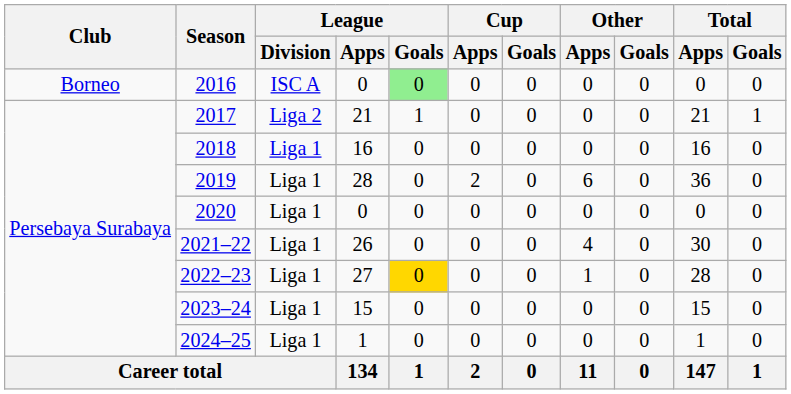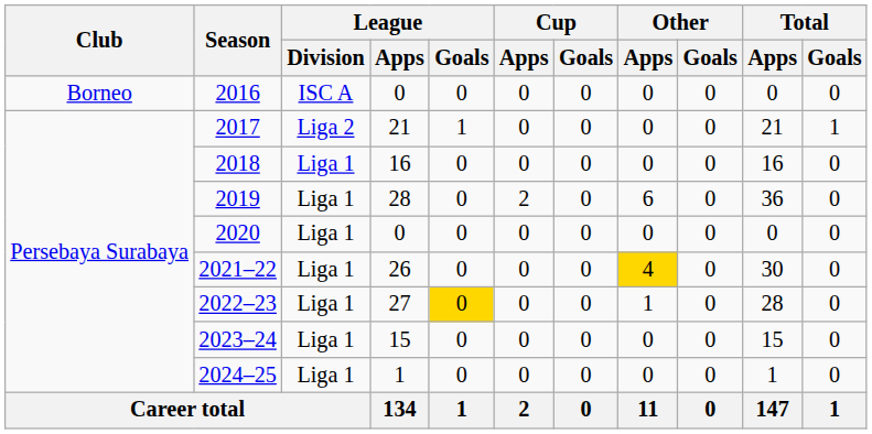 <table class="wikitable" style="text-align:center">
 <tr>
 <th rowspan="2">Club</th>
 <th rowspan="2">Season</th>
 <th colspan="3">League</th>
 <th colspan="2">Cup</th>
 <th colspan="2">Other</th>
 <th colspan="2">Total</th>
 </tr>
 <tr>
 <th>Division</th>
 <th>Apps</th>
 <th>Goals</th>
 <th>Apps</th>
 <th>Goals</th>
 <th>Apps</th>
 <th>Goals</th>
 <th>Apps</th>
 <th>Goals</th>
 </tr>
 <tr>
 <td rowspan="1" valign="center"><a href='#'>Borneo</a></td>
 <td><a href='#'>2016</a></td>
 <td><a href='#'>ISC A</a></td>
 <td>0</td>
-<td style="background: lightgreen;">0</td>
+<td>0</td>
 <td>0</td>
 <td>0</td>
 <td>0</td>
 <td>0</td>
 <td>0</td>
 <td>0</td>
 </tr>
 <tr>
 <td rowspan="8" valign="center"><a href='#'>Persebaya Surabaya</a></td>
 <td><a href='#'>2017</a></td>
 <td><a href='#'>Liga 2</a></td>
 <td>21</td>
 <td>1</td>
 <td>0</td>
 <td>0</td>
 <td>0</td>
 <td>0</td>
 <td>21</td>
 <td>1</td>
 </tr>
 <tr>
 <td><a href='#'>2018</a></td>
 <td rowspan="1" valign="center"><a href='#'>Liga 1</a></td>
 <td>16</td>
 <td>0</td>
 <td>0</td>
 <td>0</td>
 <td>0</td>
 <td>0</td>
 <td>16</td>
 <td>0</td>
 </tr>
 <tr>
 <td><a href='#'>2019</a></td>
 <td rowspan="1" valign="center">Liga 1</td>
 <td>28</td>
 <td>0</td>
 <td>2</td>
 <td>0</td>
 <td>6</td>
 <td>0</td>
 <td>36</td>
 <td>0</td>
 </tr>
 <tr>
 <td><a href='#'>2020</a></td>
 <td rowspan="1" valign="center">Liga 1</td>
 <td>0</td>
 <td>0</td>
 <td>0</td>
 <td>0</td>
 <td>0</td>
 <td>0</td>
 <td>0</td>
 <td>0</td>
 </tr>
 <tr>
 <td><a href='#'>2021–22</a></td>
 <td rowspan="1" valign="center">Liga 1</td>
 <td>26</td>
 <td>0</td>
 <td>0</td>
 <td>0</td>
-<td>4</td>
+<td style="background: gold;">4</td>
 <td>0</td>
 <td>30</td>
 <td>0</td>
 </tr>
 <tr>
 <td><a href='#'>2022–23</a></td>
 <td>Liga 1</td>
 <td>27</td>
 <td style="background: gold;">0</td>
 <td>0</td>
 <td>0</td>
 <td>1</td>
 <td>0</td>
 <td>28</td>
 <td>0</td>
 </tr>
 <tr>
 <td><a href='#'>2023–24</a></td>
 <td rowspan="1" valign="center">Liga 1</td>
 <td>15</td>
 <td>0</td>
 <td>0</td>
 <td>0</td>
 <td>0</td>
 <td>0</td>
 <td>15</td>
 <td>0</td>
 </tr>
 <tr>
 <td><a href='#'>2024–25</a></td>
 <td>Liga 1</td>
 <td>1</td>
 <td>0</td>
 <td>0</td>
 <td>0</td>
 <td>0</td>
 <td>0</td>
 <td>1</td>
 <td>0</td>
 </tr>
 <tr>
 <th colspan="3">Career total</th>
 <th>134</th>
 <th>1</th>
 <th>2</th>
 <th>0</th>
 <th>11</th>
 <th>0</th>
 <th>147</th>
 <th>1</th>
 </tr>
 </table>
